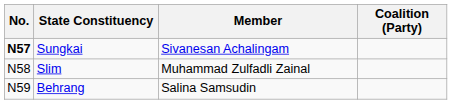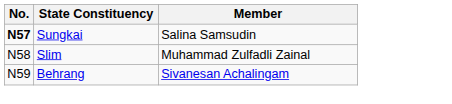 <table class="wikitable">
 <tr>
 <th width="30">No.</th>
 <th width="150">State Constituency</th>
 <th width="245">Member</th>
-<th width="105">Coalition (Party)</th>
 </tr>
 <tr>
 <td><strong>N57</strong></td>
 <td><a href='#'>Sungkai</a></td>
-<td><a href='#'>Sivanesan Achalingam</a></td>
-<td></td>
+<td>Salina Samsudin</td>
 </tr>
 <tr>
 <td>N58</td>
 <td><a href='#'>Slim</a></td>
 <td>Muhammad Zulfadli Zainal</td>
-<td></td>
 </tr>
 <tr>
 <td>N59</td>
 <td><a href='#'>Behrang</a></td>
-<td>Salina Samsudin</td>
-<td></td>
+<td><a href='#'>Sivanesan Achalingam</a></td>
 </tr>
 </table>
